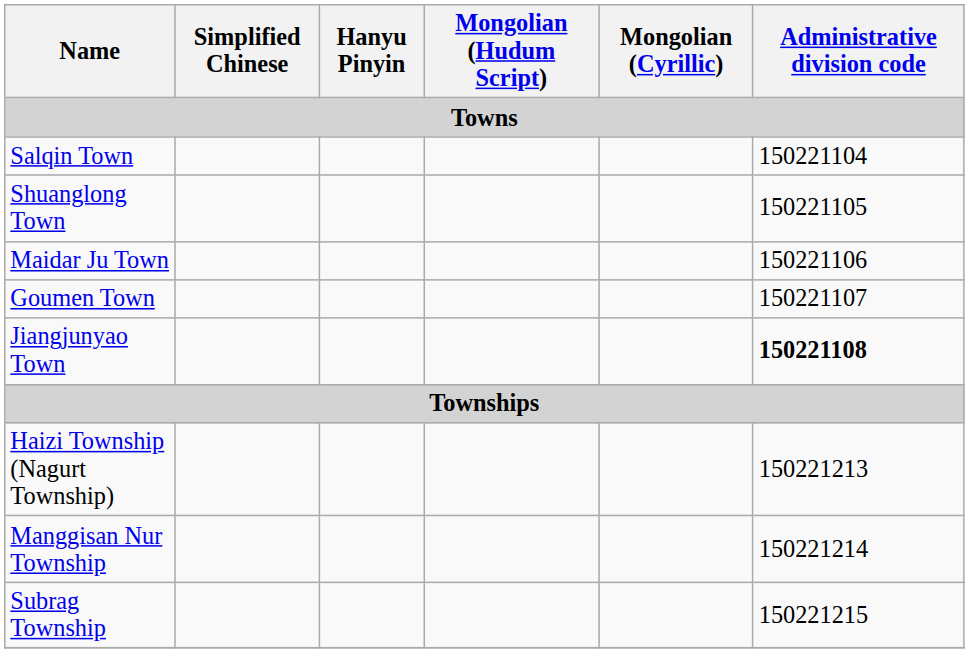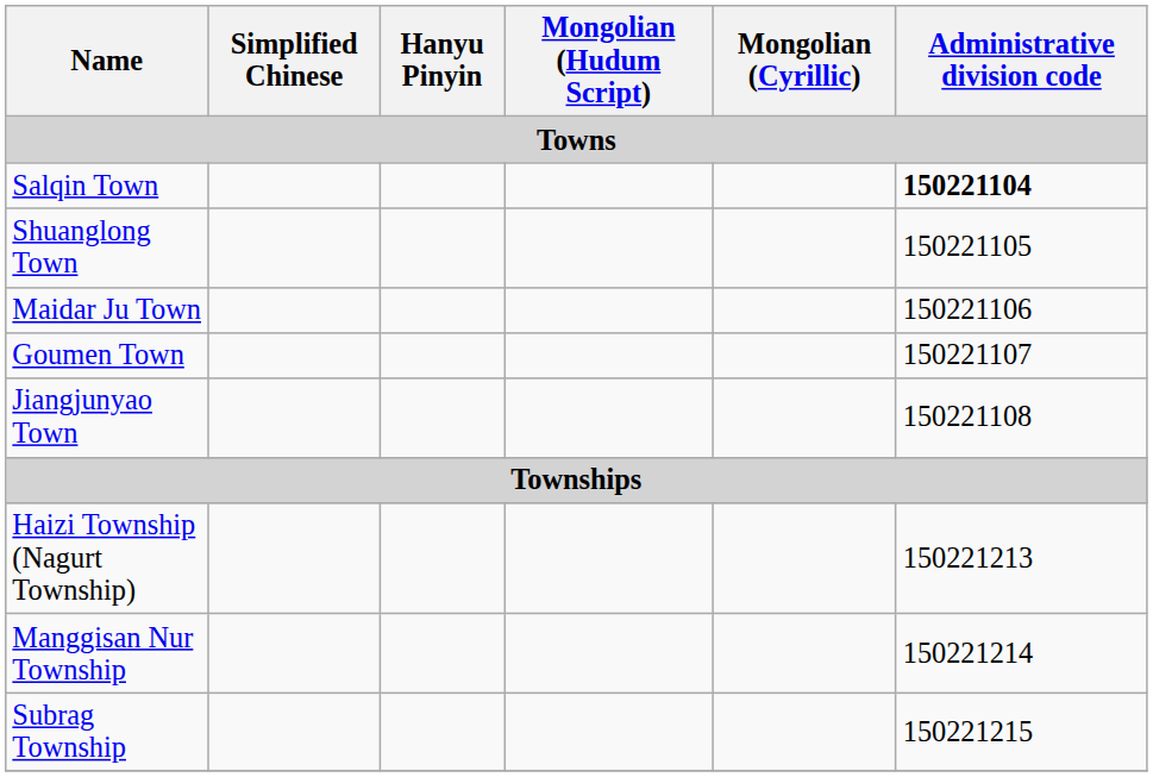 <table class="wikitable" align="center" style="width:50%; border="1">
 <tr>
 <th>Name</th>
 <th>Simplified Chinese</th>
 <th>Hanyu Pinyin</th>
 <th><a href='#'>Mongolian</a> (<a href='#'>Hudum Script</a>)</th>
 <th>Mongolian (<a href='#'>Cyrillic</a>)</th>
 <th><a href='#'>Administrative division code</a></th>
 </tr>
 <tr>
 <td colspan="6"  style="text-align:center; background:#d3d3d3;"><strong>Towns</strong></td>
 </tr>
 <tr --------->
 <td><a href='#'>Salqin Town</a></td>
 <td></td>
 <td></td>
 <td></td>
 <td></td>
-<td>150221104</td>
+<td><strong>150221104</strong></td>
 </tr>
 <tr>
 <td><a href='#'>Shuanglong Town</a></td>
 <td></td>
 <td></td>
 <td></td>
 <td></td>
 <td>150221105</td>
 </tr>
 <tr>
 <td><a href='#'>Maidar Ju Town</a></td>
 <td></td>
 <td></td>
 <td></td>
 <td></td>
 <td>150221106</td>
 </tr>
 <tr>
 <td><a href='#'>Goumen Town</a></td>
 <td></td>
 <td></td>
 <td></td>
 <td></td>
 <td>150221107</td>
 </tr>
 <tr>
 <td><a href='#'>Jiangjunyao Town</a></td>
 <td></td>
 <td></td>
 <td></td>
 <td></td>
-<td><strong>150221108</strong></td>
+<td>150221108</td>
 </tr>
 <tr>
 <td colspan="6"  style="text-align:center; background:#d3d3d3;"><strong>Townships</strong></td>
 </tr>
 <tr --------->
 <td><a href='#'>Haizi Township</a><br>(Nagurt Township)</td>
 <td></td>
 <td></td>
 <td></td>
 <td></td>
 <td>150221213</td>
 </tr>
 <tr>
 <td><a href='#'>Manggisan Nur Township</a></td>
 <td></td>
 <td></td>
 <td></td>
 <td></td>
 <td>150221214</td>
 </tr>
 <tr>
 <td><a href='#'>Subrag Township</a></td>
 <td></td>
 <td></td>
 <td></td>
 <td></td>
 <td>150221215</td>
 </tr>
 <tr>
 </tr>
 </table>
